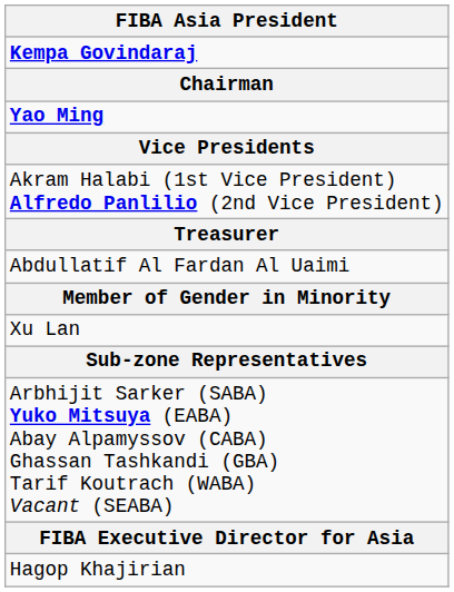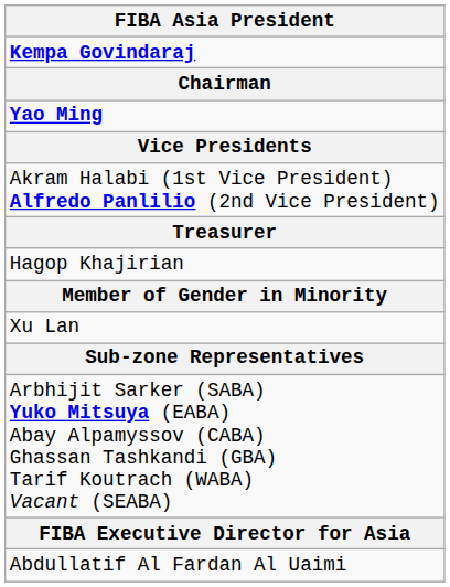 <table class="wikitable">
 <tr>
 <th>FIBA Asia President</th>
 </tr>
 <tr>
 <td> <strong><a href='#'>Kempa Govindaraj</a></strong></td>
 </tr>
 <tr>
 <th>Chairman</th>
 </tr>
 <tr>
 <td> <strong><a href='#'>Yao Ming</a></strong></td>
 </tr>
 <tr>
 <th>Vice Presidents</th>
 </tr>
 <tr>
 <td> Akram Halabi (1st Vice President)<br> <strong><a href='#'>Alfredo Panlilio</a></strong> (2nd Vice President)</td>
 </tr>
 <tr>
 <th>Treasurer</th>
 </tr>
 <tr>
-<td> Abdullatif Al Fardan Al Uaimi</td>
+<td> Hagop Khajirian</td>
 </tr>
 <tr>
 <th>Member of Gender in Minority</th>
 </tr>
 <tr>
 <td> Xu Lan</td>
 </tr>
 <tr>
 <th>Sub-zone Representatives</th>
 </tr>
 <tr>
 <td> Arbhijit Sarker (SABA)<br> <strong><a href='#'>Yuko Mitsuya</a></strong> (EABA)<br> Abay Alpamyssov (CABA)<br> Ghassan Tashkandi (GBA)<br> Tarif Koutrach (WABA)<br><em>Vacant</em> (SEABA)</td>
 </tr>
 <tr>
 <th>FIBA Executive Director for Asia</th>
 </tr>
 <tr>
-<td> Hagop Khajirian</td>
+<td> Abdullatif Al Fardan Al Uaimi</td>
 </tr>
 </table>
